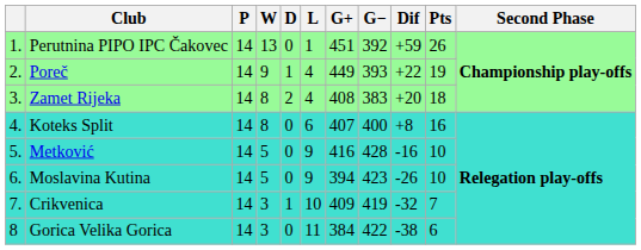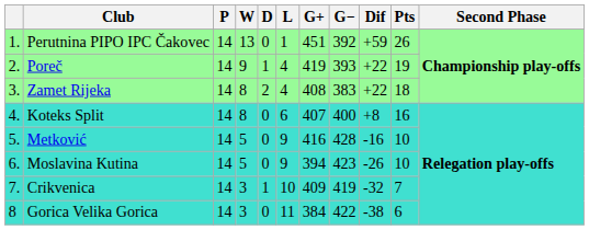 <table class="wikitable sortable">
 <tr>
 <th></th>
 <th>Club</th>
 <th>P</th>
 <th>W</th>
 <th>D</th>
 <th>L</th>
 <th>G+</th>
 <th>G−</th>
 <th>Dif</th>
 <th>Pts</th>
 <th>Second Phase</th>
 </tr>
 <tr style="background:palegreen;">
 <td>1.</td>
 <td>Perutnina PIPO IPC Čakovec</td>
 <td>14</td>
 <td>13</td>
 <td>0</td>
 <td>1</td>
 <td>451</td>
 <td>392</td>
 <td>+59</td>
 <td>26</td>
 <td rowspan="3"><strong>Championship play-offs</strong></td>
 </tr>
 <tr style="background:palegreen;">
 <td>2.</td>
 <td><a href='#'>Poreč</a></td>
 <td>14</td>
 <td>9</td>
 <td>1</td>
 <td>4</td>
-<td>449</td>
+<td>419</td>
 <td>393</td>
 <td>+22</td>
 <td>19</td>
 </tr>
 <tr style="background:palegreen;">
 <td>3.</td>
 <td><a href='#'>Zamet Rijeka</a></td>
 <td>14</td>
 <td>8</td>
 <td>2</td>
 <td>4</td>
 <td>408</td>
 <td>383</td>
-<td>+20</td>
+<td>+22</td>
 <td>18</td>
 </tr>
 <tr style="background:turquoise;">
 <td>4.</td>
 <td>Koteks Split</td>
 <td>14</td>
 <td>8</td>
 <td>0</td>
 <td>6</td>
 <td>407</td>
 <td>400</td>
 <td>+8</td>
 <td>16</td>
 <td rowspan="5"><strong>Relegation play-offs</strong></td>
 </tr>
 <tr style="background:turquoise;">
 <td>5.</td>
 <td><a href='#'>Metković</a></td>
 <td>14</td>
 <td>5</td>
 <td>0</td>
 <td>9</td>
 <td>416</td>
 <td>428</td>
 <td>-16</td>
 <td>10</td>
 </tr>
 <tr style="background:turquoise;">
 <td>6.</td>
 <td>Moslavina Kutina</td>
 <td>14</td>
 <td>5</td>
 <td>0</td>
 <td>9</td>
 <td>394</td>
 <td>423</td>
 <td>-26</td>
 <td>10</td>
 </tr>
 <tr style="background:turquoise;">
 <td>7.</td>
 <td>Crikvenica</td>
 <td>14</td>
 <td>3</td>
 <td>1</td>
 <td>10</td>
 <td>409</td>
 <td>419</td>
 <td>-32</td>
 <td>7</td>
 </tr>
 <tr style="background:turquoise;">
 <td>8</td>
 <td>Gorica Velika Gorica</td>
 <td>14</td>
 <td>3</td>
 <td>0</td>
 <td>11</td>
 <td>384</td>
 <td>422</td>
 <td>-38</td>
 <td>6</td>
 </tr>
 </table>
